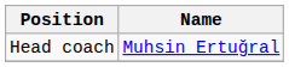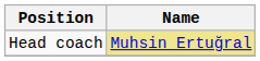 <table class="wikitable">
 <tr>
 <th>Position</th>
 <th>Name</th>
 </tr>
 <tr>
 <td>Head coach</td>
-<td> <a href='#'>Muhsin Ertuğral</a></td>
+<td style="background: khaki;"> <a href='#'>Muhsin Ertuğral</a></td>
 </tr>
 <tr>
 </tr>
 </table>
